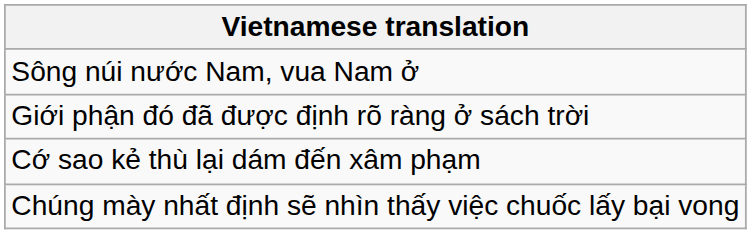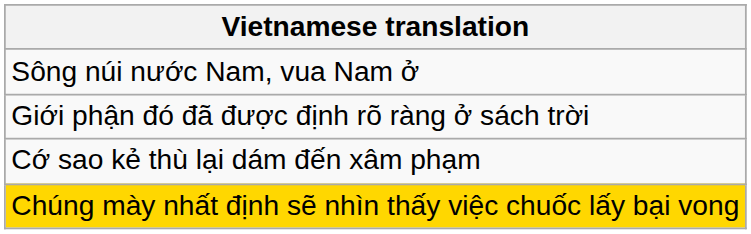 <table class="wikitable">
 <tr>
 <th>Vietnamese translation</th>
 </tr>
 <tr>
 <td>Sông núi nước Nam, vua Nam ở</td>
 </tr>
 <tr>
 <td>Giới phận đó đã được định rõ ràng ở sách trời</td>
 </tr>
 <tr>
 <td>Cớ sao kẻ thù lại dám đến xâm phạm</td>
 </tr>
 <tr>
-<td>Chúng mày nhất định sẽ nhìn thấy việc chuốc lấy bại vong</td>
+<td style="background: gold;">Chúng mày nhất định sẽ nhìn thấy việc chuốc lấy bại vong</td>
 </tr>
 </table>
